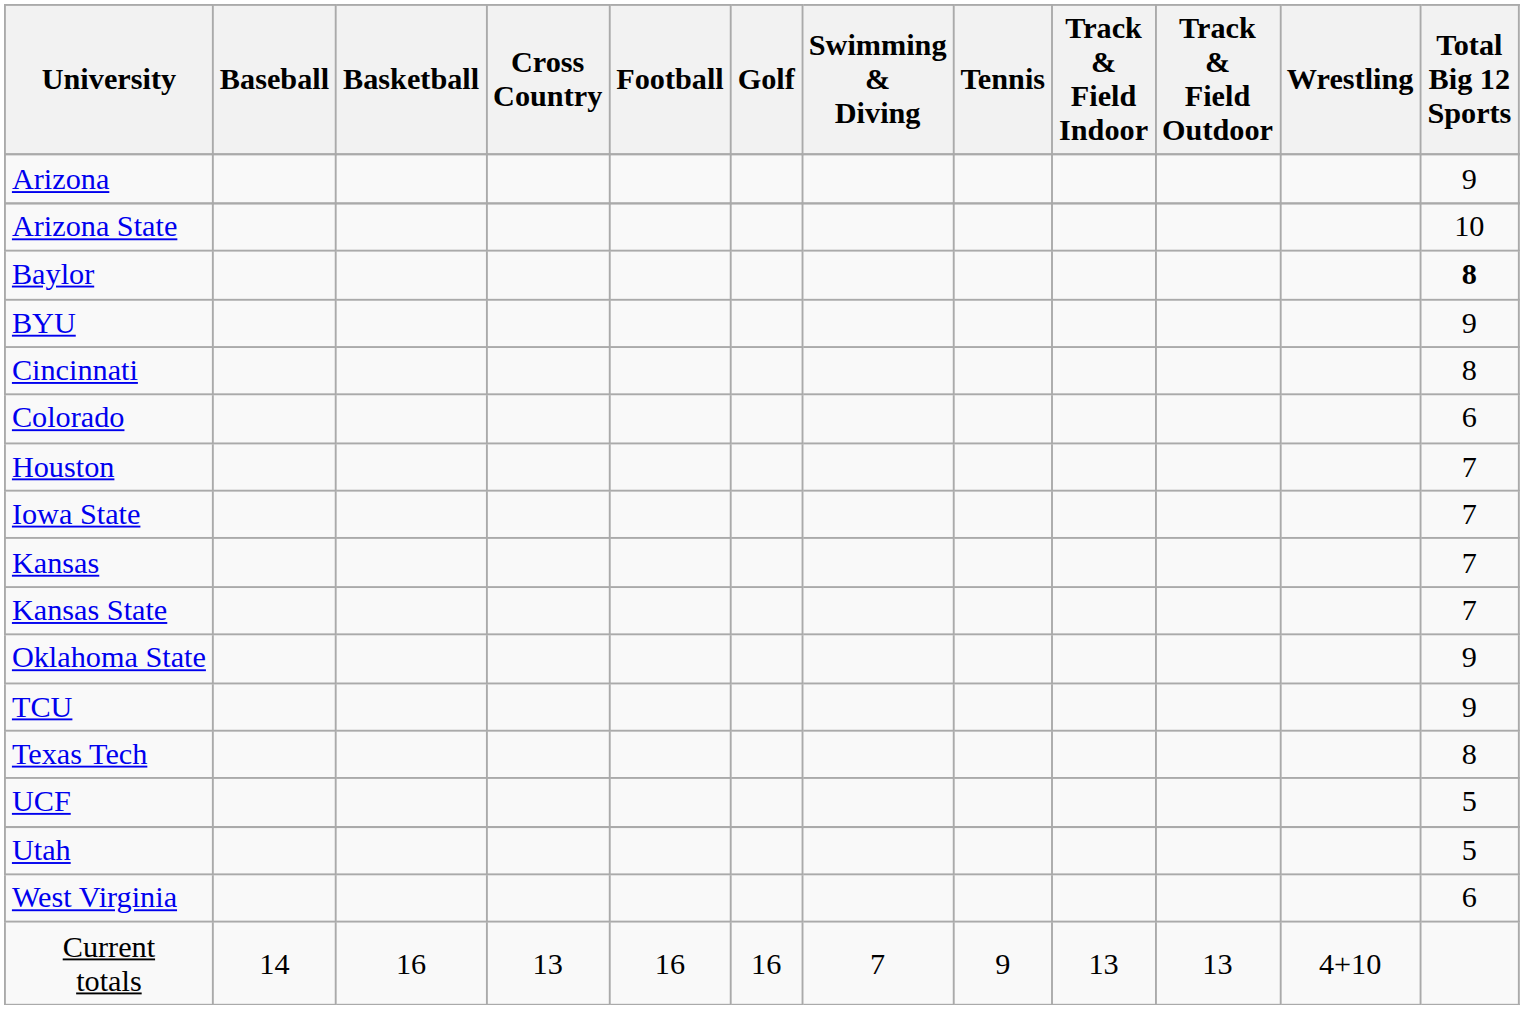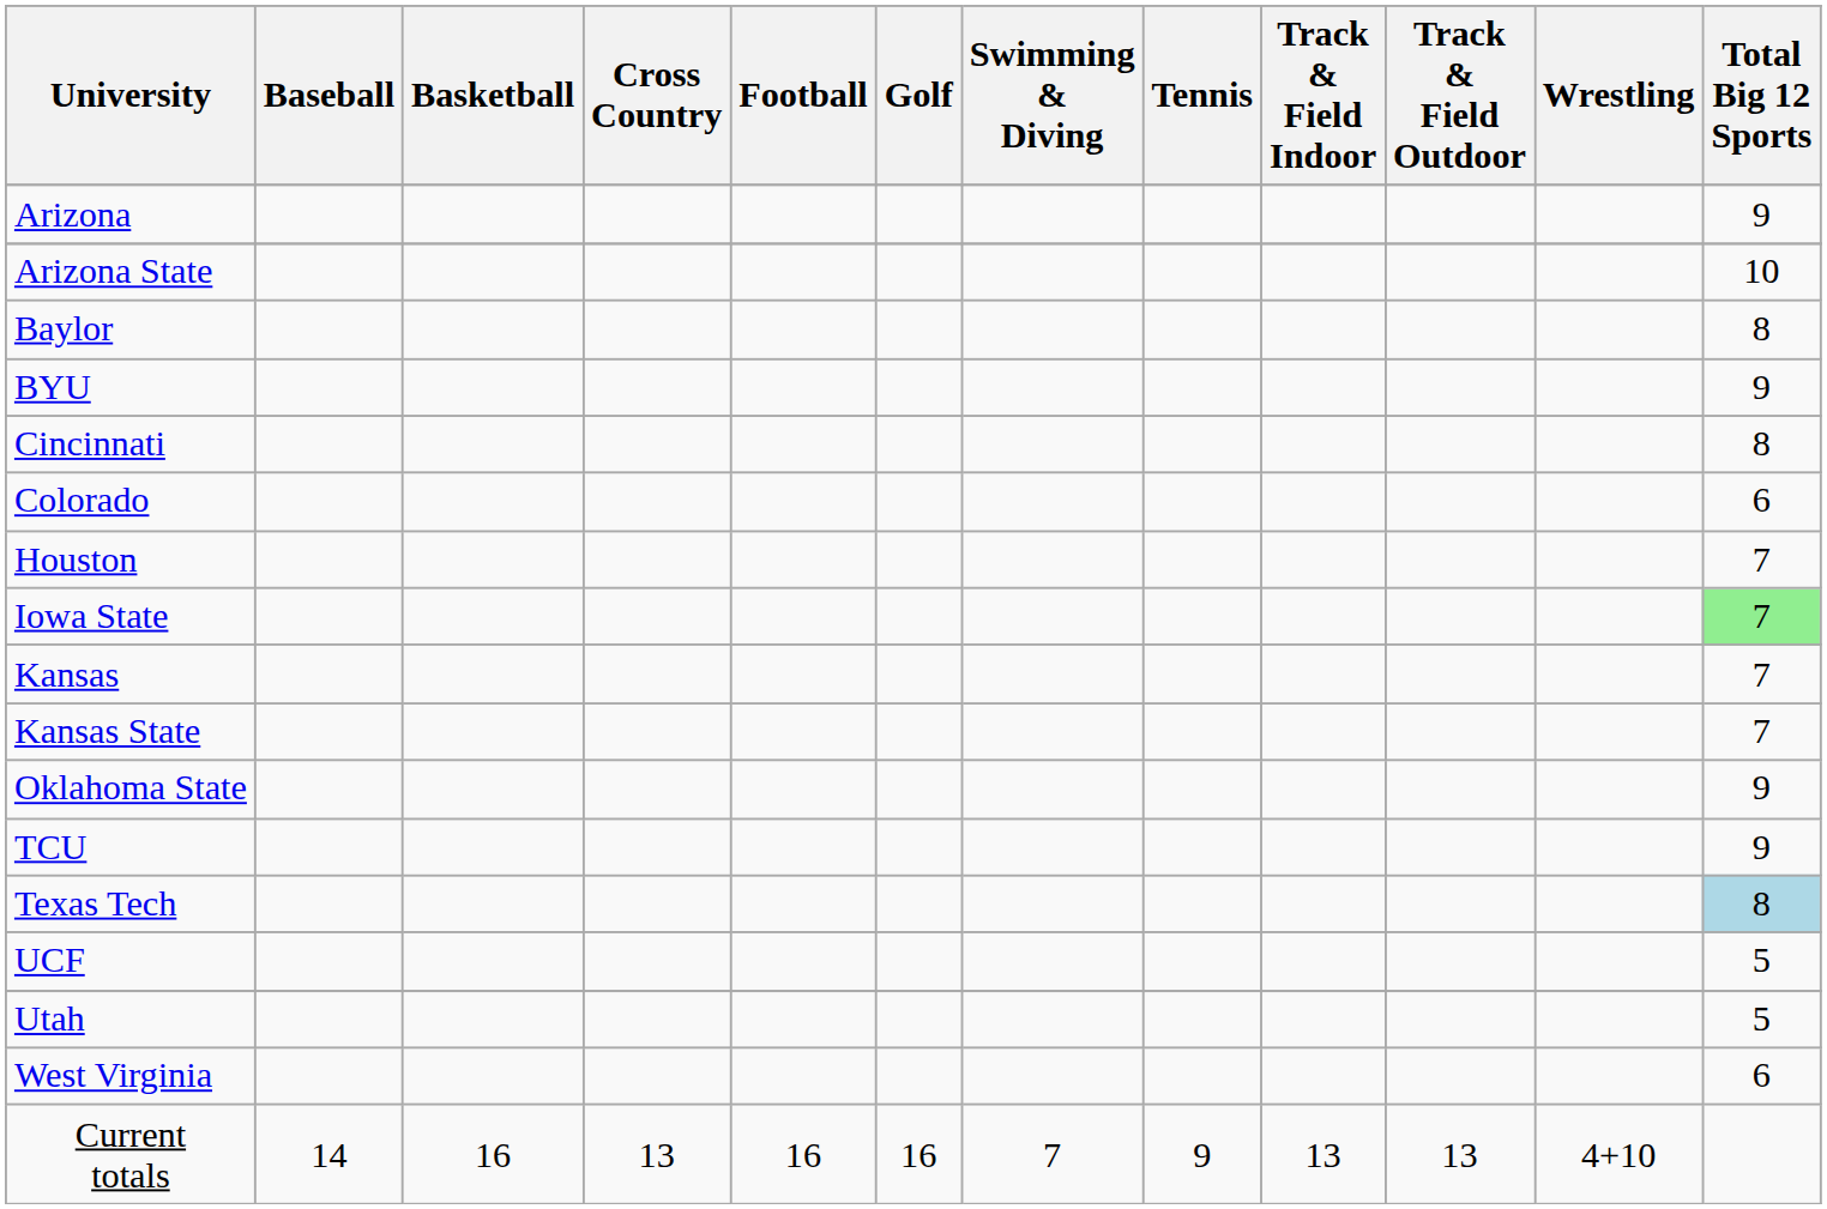 <table class="wikitable sortable" style="text-align: center">
 <tr>
 <th>University</th>
 <th>Baseball</th>
 <th>Basketball</th>
 <th>Cross<br>Country</th>
 <th>Football</th>
 <th>Golf</th>
 <th>Swimming<br>&<br>Diving</th>
 <th>Tennis</th>
 <th>Track<br>&<br>Field<br>Indoor</th>
 <th>Track<br>&<br>Field<br>Outdoor</th>
 <th>Wrestling</th>
 <th>Total<br>Big 12<br>Sports</th>
 </tr>
 <tr>
 </tr>
 <tr>
 <td align=left><a href='#'>Arizona</a></td>
 <td></td>
 <td></td>
 <td></td>
 <td></td>
 <td></td>
 <td></td>
 <td></td>
 <td></td>
 <td></td>
 <td></td>
 <td>9</td>
 </tr>
 <tr>
 </tr>
 <tr>
 <td align=left><a href='#'>Arizona State</a></td>
 <td></td>
 <td></td>
 <td></td>
 <td></td>
 <td></td>
 <td></td>
 <td></td>
 <td></td>
 <td></td>
 <td></td>
 <td>10</td>
 </tr>
 <tr>
 <td align=left><a href='#'>Baylor</a></td>
 <td></td>
 <td></td>
 <td></td>
 <td></td>
 <td></td>
 <td></td>
 <td></td>
 <td></td>
 <td></td>
 <td></td>
-<td><strong>8</strong></td>
+<td>8</td>
 </tr>
 <tr>
 <td align=left><a href='#'>BYU</a></td>
 <td></td>
 <td></td>
 <td></td>
 <td></td>
 <td></td>
 <td></td>
 <td></td>
 <td></td>
 <td></td>
 <td></td>
 <td>9</td>
 </tr>
 <tr>
 <td align=left><a href='#'>Cincinnati</a></td>
 <td></td>
 <td></td>
 <td></td>
 <td></td>
 <td></td>
 <td></td>
 <td></td>
 <td></td>
 <td></td>
 <td></td>
 <td>8</td>
 </tr>
 <tr>
 <td align=left><a href='#'>Colorado</a></td>
 <td></td>
 <td></td>
 <td></td>
 <td></td>
 <td></td>
 <td></td>
 <td></td>
 <td></td>
 <td></td>
 <td></td>
 <td>6</td>
 </tr>
 <tr>
 <td align=left><a href='#'>Houston</a></td>
 <td></td>
 <td></td>
 <td></td>
 <td></td>
 <td></td>
 <td></td>
 <td></td>
 <td></td>
 <td></td>
 <td></td>
 <td>7</td>
 </tr>
 <tr>
 <td align=left><a href='#'>Iowa State</a></td>
 <td></td>
 <td></td>
 <td></td>
 <td></td>
 <td></td>
 <td></td>
 <td></td>
 <td></td>
 <td></td>
 <td></td>
-<td>7</td>
+<td style="background: lightgreen;">7</td>
 </tr>
 <tr>
 <td align=left><a href='#'>Kansas</a></td>
 <td></td>
 <td></td>
 <td></td>
 <td></td>
 <td></td>
 <td></td>
 <td></td>
 <td></td>
 <td></td>
 <td></td>
 <td>7</td>
 </tr>
 <tr>
 <td align=left><a href='#'>Kansas State</a></td>
 <td></td>
 <td></td>
 <td></td>
 <td></td>
 <td></td>
 <td></td>
 <td></td>
 <td></td>
 <td></td>
 <td></td>
 <td>7</td>
 </tr>
 <tr>
 <td align=left><a href='#'>Oklahoma State</a></td>
 <td></td>
 <td></td>
 <td></td>
 <td></td>
 <td></td>
 <td></td>
 <td></td>
 <td></td>
 <td></td>
 <td></td>
 <td>9</td>
 </tr>
 <tr>
 <td align=left><a href='#'>TCU</a></td>
 <td></td>
 <td></td>
 <td></td>
 <td></td>
 <td></td>
 <td></td>
 <td></td>
 <td></td>
 <td></td>
 <td></td>
 <td>9</td>
 </tr>
 <tr>
 <td align=left><a href='#'>Texas Tech</a></td>
 <td></td>
 <td></td>
 <td></td>
 <td></td>
 <td></td>
 <td></td>
 <td></td>
 <td></td>
 <td></td>
 <td></td>
-<td>8</td>
+<td style="background: lightblue;">8</td>
 </tr>
 <tr>
 <td align=left><a href='#'>UCF</a></td>
 <td></td>
 <td></td>
 <td></td>
 <td></td>
 <td></td>
 <td></td>
 <td></td>
 <td></td>
 <td></td>
 <td></td>
 <td>5</td>
 </tr>
 <tr>
 </tr>
 <tr>
 <td align=left><a href='#'>Utah</a></td>
 <td></td>
 <td></td>
 <td></td>
 <td></td>
 <td></td>
 <td></td>
 <td></td>
 <td></td>
 <td></td>
 <td></td>
 <td>5</td>
 </tr>
 <tr>
 <td align=left><a href='#'>West Virginia</a></td>
 <td></td>
 <td></td>
 <td></td>
 <td></td>
 <td></td>
 <td></td>
 <td></td>
 <td></td>
 <td></td>
 <td></td>
 <td>6</td>
 </tr>
 <tr class=sortbottom>
 <td><u>Current<br>totals</u></td>
 <td>14</td>
 <td>16</td>
 <td>13</td>
 <td>16</td>
 <td>16</td>
 <td>7</td>
 <td>9</td>
 <td>13</td>
 <td>13</td>
 <td>4+10</td>
 <td></td>
 </tr>
 </table>
